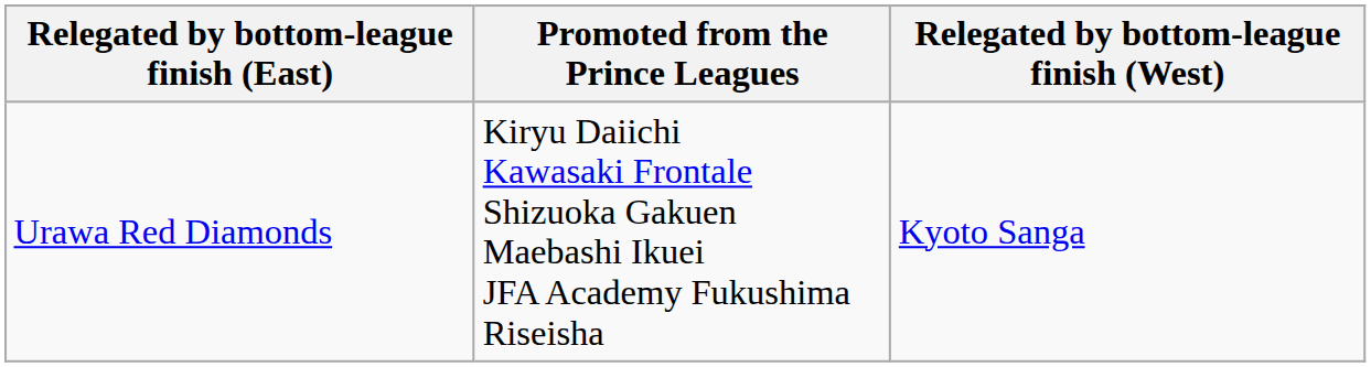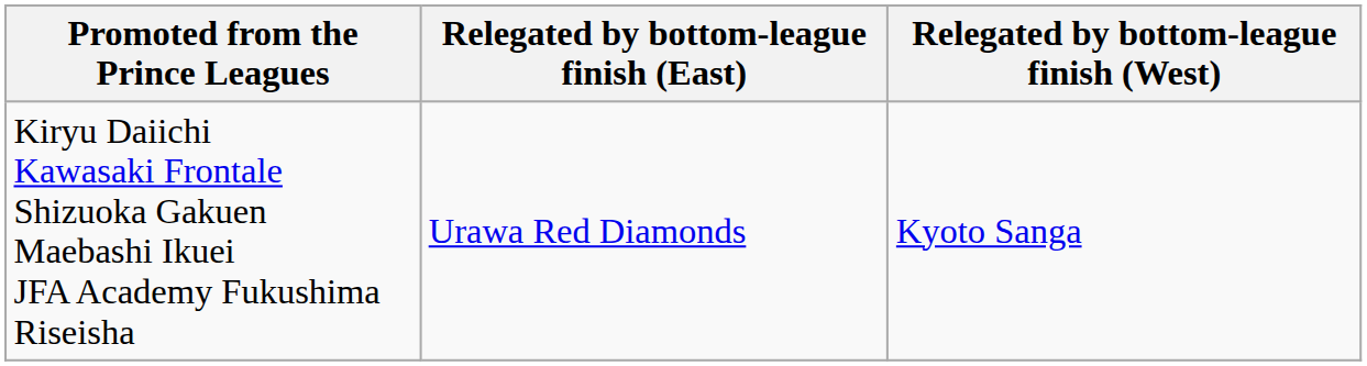 <table class="wikitable">
 <tr>
+<th>Promoted from the Prince Leagues</th>
 <th>Relegated by bottom-league finish (East)</th>
-<th>Promoted from the Prince Leagues</th>
 <th>Relegated by bottom-league finish (West)</th>
 </tr>
 <tr>
+<td>Kiryu Daiichi<br><a href='#'>Kawasaki Frontale</a><br>Shizuoka Gakuen<br>Maebashi Ikuei<br>JFA Academy Fukushima<br>Riseisha</td>
 <td><a href='#'>Urawa Red Diamonds</a></td>
-<td>Kiryu Daiichi<br><a href='#'>Kawasaki Frontale</a><br>Shizuoka Gakuen<br>Maebashi Ikuei<br>JFA Academy Fukushima<br>Riseisha</td>
 <td><a href='#'>Kyoto Sanga</a></td>
 </tr>
 </table>
